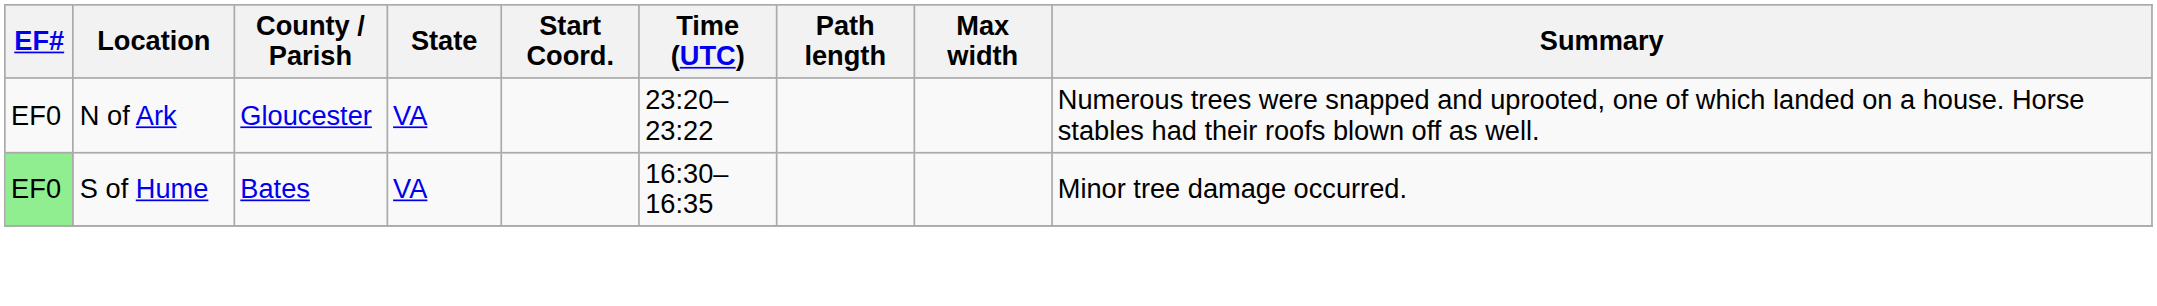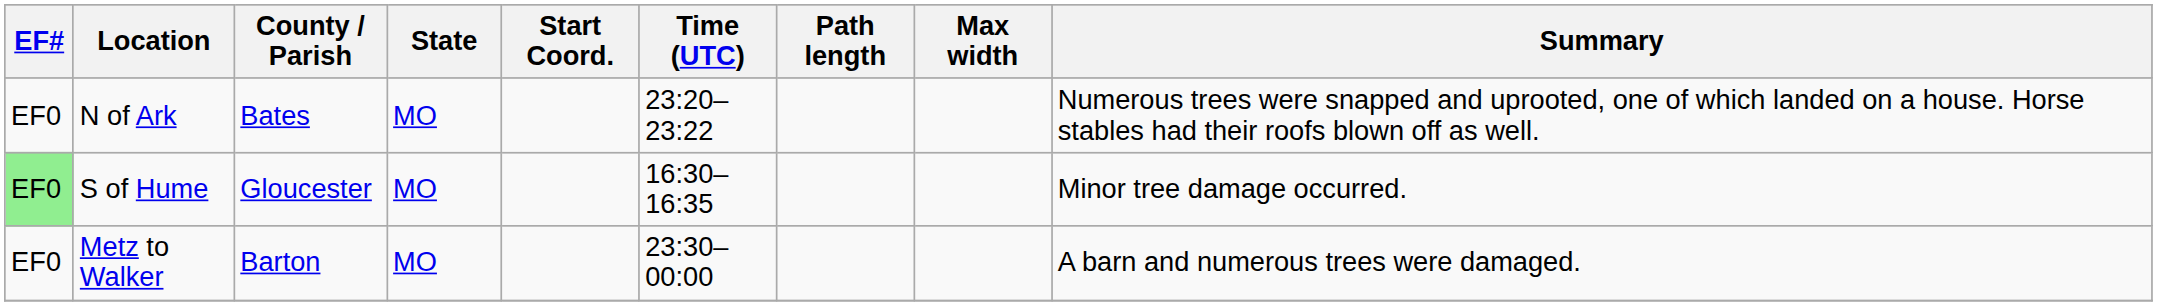 <table class="wikitable sortable" style="width:100%;">
 <tr>
 <th scope="col"  style="width:3%; text-align:center;"><a href='#'>EF#</a></th>
 <th scope="col"  style="width:7%; text-align:center;" class="unsortable">Location</th>
 <th scope="col"  style="width:6%; text-align:center;" class="unsortable">County / Parish</th>
 <th scope="col"  style="width:5%; text-align:center;">State</th>
 <th scope="col"  style="width:6%; text-align:center;">Start Coord.</th>
 <th scope="col"  style="width:6%; text-align:center;">Time (<a href='#'>UTC</a>)</th>
 <th scope="col"  style="width:6%; text-align:center;">Path length</th>
 <th scope="col"  style="width:6%; text-align:center;">Max width</th>
 <th scope="col" class="unsortable" style="width:48%; text-align:center;">Summary</th>
 </tr>
 <tr>
 <td>EF0</td>
 <td>N of <a href='#'>Ark</a></td>
-<td><a href='#'>Gloucester</a></td>
-<td><a href='#'>VA</a></td>
+<td><a href='#'>Bates</a></td>
+<td><a href='#'>MO</a></td>
 <td></td>
 <td>23:20–23:22</td>
 <td></td>
 <td></td>
 <td>Numerous trees were snapped and uprooted, one of which landed on a house. Horse stables had their roofs blown off as well.</td>
 </tr>
 <tr>
 <td style="background: lightgreen;">EF0</td>
 <td>S of <a href='#'>Hume</a></td>
-<td><a href='#'>Bates</a></td>
-<td><a href='#'>VA</a></td>
+<td><a href='#'>Gloucester</a></td>
+<td><a href='#'>MO</a></td>
 <td></td>
 <td>16:30–16:35</td>
 <td></td>
 <td></td>
 <td>Minor tree damage occurred.</td>
 </tr>
 <tr>
+<td>EF0</td>
+<td><a href='#'>Metz</a> to <a href='#'>Walker</a></td>
+<td><a href='#'>Barton</a></td>
+<td><a href='#'>MO</a></td>
+<td></td>
+<td>23:30–00:00</td>
+<td></td>
+<td></td>
+<td>A barn and numerous trees were damaged.</td>
+</tr>
+<tr>
 </tr>
 </table>
